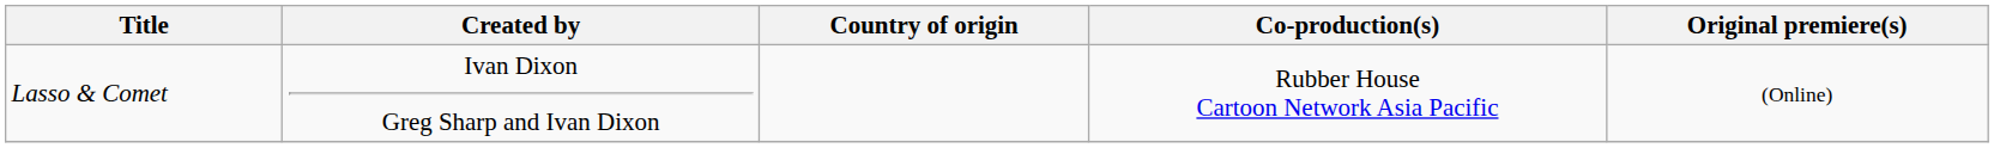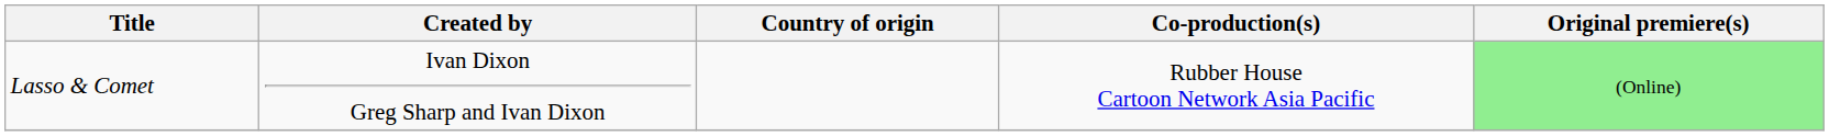 <table class="wikitable plainrowheaders sortable" style="width:100%;text-align:center;">
 <tr>
 <th scope="col" style="width:%;">Title</th>
 <th scope="col" style="width:%;">Created by</th>
 <th scope="col" style="width:%;">Country of origin</th>
 <th scope="col" style="width:%;">Co-production(s)</th>
 <th>Original premiere(s)</th>
 </tr>
 <tr>
 <td scope="row" style="text-align:left;"><em>Lasso & Comet</em></td>
 <td>Ivan Dixon<hr> Greg Sharp and Ivan Dixon</td>
 <td></td>
 <td>Rubber House<br><a href='#'>Cartoon Network Asia Pacific</a></td>
-<td> <small>(Online)</small></td>
+<td style="background: lightgreen;"> <small>(Online)</small></td>
 </tr>
 <tr>
 </tr>
 </table>
